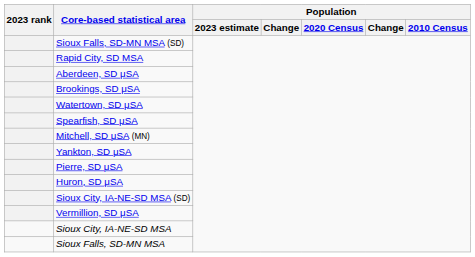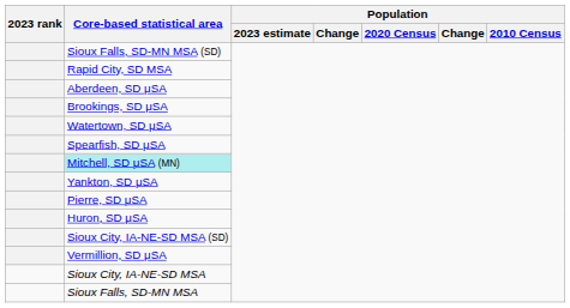 <table class="wikitable sortable">
 <tr>
 <th scope=col rowspan=2>2023 rank</th>
 <th scope=col rowspan=2><a href='#'>Core-based statistical area</a></th>
 <th colspan=5>Population</th>
 </tr>
 <tr>
 <th scope=col>2023 estimate</th>
 <th scope=col>Change</th>
 <th scope=col><a href='#'>2020 Census</a></th>
 <th scope=col>Change</th>
 <th scope=col><a href='#'>2010 Census</a></th>
 </tr>
 <tr>
 <th scope=row></th>
 <td><a href='#'>Sioux Falls, SD-MN MSA</a> <small>(SD)</small><br></td>
 </tr>
 <tr>
 <th scope=row></th>
 <td><a href='#'>Rapid City, SD MSA</a><br></td>
 </tr>
 <tr>
 <th scope=row></th>
 <td><a href='#'>Aberdeen, SD μSA</a><br></td>
 </tr>
 <tr>
 <th scope=row></th>
 <td><a href='#'>Brookings, SD μSA</a><br></td>
 </tr>
 <tr>
 <th scope=row></th>
 <td><a href='#'>Watertown, SD μSA</a><br></td>
 </tr>
 <tr>
 <th scope=row></th>
 <td><a href='#'>Spearfish, SD μSA</a><br></td>
 </tr>
 <tr>
 <th scope=row></th>
-<td><a href='#'>Mitchell, SD μSA</a> <small>(MN)</small><br></td>
+<td style="background: paleturquoise;"><a href='#'>Mitchell, SD μSA</a> <small>(MN)</small><br></td>
 </tr>
 <tr>
 <th scope=row></th>
 <td><a href='#'>Yankton, SD μSA</a><br></td>
 </tr>
 <tr>
 <th scope=row></th>
 <td><a href='#'>Pierre, SD μSA</a><br></td>
 </tr>
 <tr>
 <th scope=row></th>
 <td><a href='#'>Huron, SD μSA</a><br></td>
 </tr>
 <tr>
 <th scope=row></th>
 <td><a href='#'>Sioux City, IA-NE-SD MSA</a> <small>(SD)</small><br></td>
 </tr>
 <tr>
 <th scope=row></th>
 <td><a href='#'>Vermillion, SD μSA</a><br></td>
 </tr>
 <tr>
 <td></td>
 <td><em><span>Sioux City, IA-NE-SD MSA</span></em><br></td>
 </tr>
 <tr>
 <td></td>
 <td><em><span>Sioux Falls, SD-MN MSA</span></em><br></td>
 </tr>
 </table>
